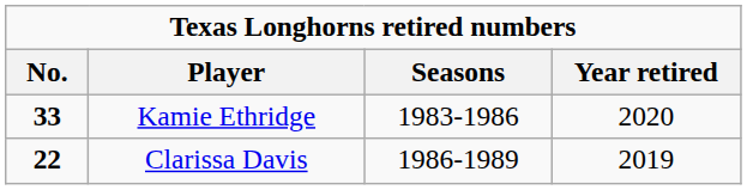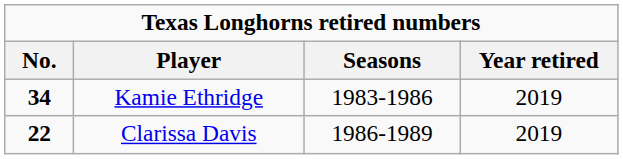 <table class="wikitable sortable" style="text-align:center">
 <tr>
 <td colspan="5"><strong>Texas Longhorns retired numbers</strong></td>
 </tr>
 <tr>
 <th width=40px>No.</th>
 <th width=150px>Player</th>
 <th width=100px>Seasons</th>
 <th width=100px>Year retired</th>
 </tr>
 <tr>
-<td><strong>33</strong></td>
+<td><strong>34</strong></td>
 <td><a href='#'>Kamie Ethridge</a></td>
 <td>1983-1986</td>
-<td>2020</td>
+<td>2019</td>
 </tr>
 <tr>
 <td><strong>22</strong></td>
 <td><a href='#'>Clarissa Davis</a></td>
 <td>1986-1989</td>
 <td>2019</td>
 </tr>
 </table>
